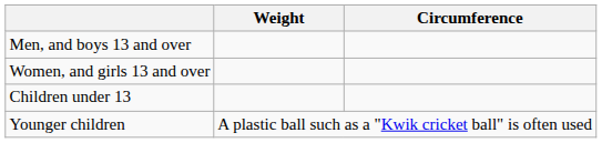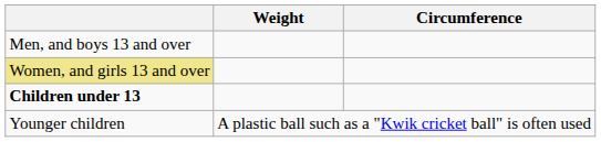 <table class="wikitable" style="margin-left: auto; margin-right: auto; border: none;">
 <tr>
 <th></th>
 <th>Weight</th>
 <th>Circumference</th>
 </tr>
 <tr>
 <td>Men, and boys 13 and over</td>
 <td></td>
 <td></td>
 </tr>
 <tr>
-<td>Women, and girls 13 and over</td>
+<td style="background: khaki;">Women, and girls 13 and over</td>
 <td></td>
 <td></td>
 </tr>
 <tr>
-<td>Children under 13</td>
+<td><strong>Children under 13</strong></td>
 <td></td>
 <td></td>
 </tr>
 <tr>
 <td>Younger children</td>
 <td colspan="4" align="center">A plastic ball such as a  "<a href='#'>Kwik cricket</a> ball" is often used</td>
 </tr>
 </table>
